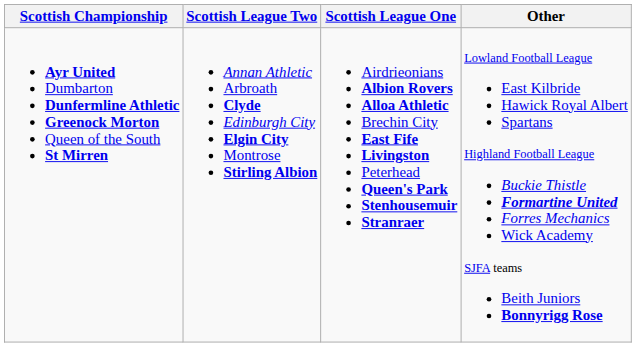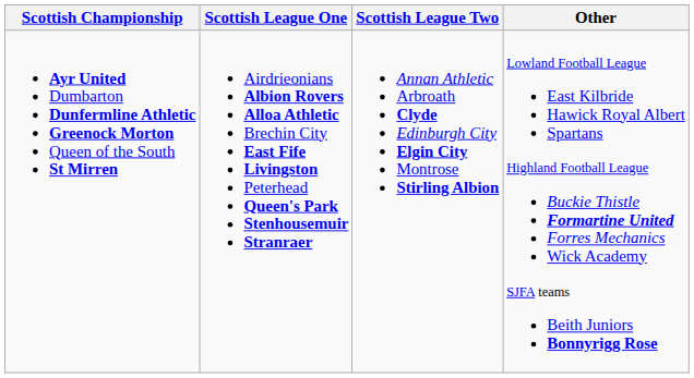 <table class="wikitable" style="text-align:left">
 <tr>
 <th><a href='#'>Scottish Championship</a></th>
+<th><a href='#'>Scottish League One</a></th>
 <th><a href='#'>Scottish League Two</a></th>
-<th><a href='#'>Scottish League One</a></th>
 <th>Other</th>
 </tr>
 <tr>
 <td valign=top><br><ul><li><strong><a href='#'>Ayr United</a></strong></li><li><a href='#'>Dumbarton</a></li><li><strong><a href='#'>Dunfermline Athletic</a></strong></li><li><strong><a href='#'>Greenock Morton</a></strong></li><li><a href='#'>Queen of the South</a></li><li><strong><a href='#'>St Mirren</a></strong></li></ul></td>
+<td valign=top><br><ul><li><a href='#'>Airdrieonians</a></li><li><strong><a href='#'>Albion Rovers</a></strong></li><li><strong><a href='#'>Alloa Athletic</a></strong></li><li><a href='#'>Brechin City</a></li><li><strong><a href='#'>East Fife</a></strong></li><li><strong><a href='#'>Livingston</a></strong></li><li><a href='#'>Peterhead</a></li><li><strong><a href='#'>Queen's Park</a></strong></li><li><strong><a href='#'>Stenhousemuir</a></strong></li><li><strong><a href='#'>Stranraer</a></strong></li></ul></td>
 <td valign=top><br><ul><li><em><a href='#'>Annan Athletic</a></em></li><li><a href='#'>Arbroath</a></li><li><strong><a href='#'>Clyde</a></strong></li><li><em><a href='#'>Edinburgh City</a></em></li><li><strong><a href='#'>Elgin City</a></strong></li><li><a href='#'>Montrose</a></li><li><strong><a href='#'>Stirling Albion</a></strong></li></ul></td>
-<td valign=top><br><ul><li><a href='#'>Airdrieonians</a></li><li><strong><a href='#'>Albion Rovers</a></strong></li><li><strong><a href='#'>Alloa Athletic</a></strong></li><li><a href='#'>Brechin City</a></li><li><strong><a href='#'>East Fife</a></strong></li><li><strong><a href='#'>Livingston</a></strong></li><li><a href='#'>Peterhead</a></li><li><strong><a href='#'>Queen's Park</a></strong></li><li><strong><a href='#'>Stenhousemuir</a></strong></li><li><strong><a href='#'>Stranraer</a></strong></li></ul></td>
 <td valign=top><br><small><a href='#'>Lowland Football League</a></small><ul><li><a href='#'>East Kilbride</a></li><li><a href='#'>Hawick Royal Albert</a></li><li><a href='#'>Spartans</a></li></ul><small><a href='#'>Highland Football League</a></small><ul><li><em><a href='#'>Buckie Thistle</a></em></li><li><strong><em><a href='#'>Formartine United</a></em></strong></li><li><em><a href='#'>Forres Mechanics</a></em></li><li><a href='#'>Wick Academy</a></li></ul><small><a href='#'>SJFA</a> teams</small><ul><li><a href='#'>Beith Juniors</a></li><li><strong><a href='#'>Bonnyrigg Rose</a></strong></li></ul></td>
 </tr>
 </table>
